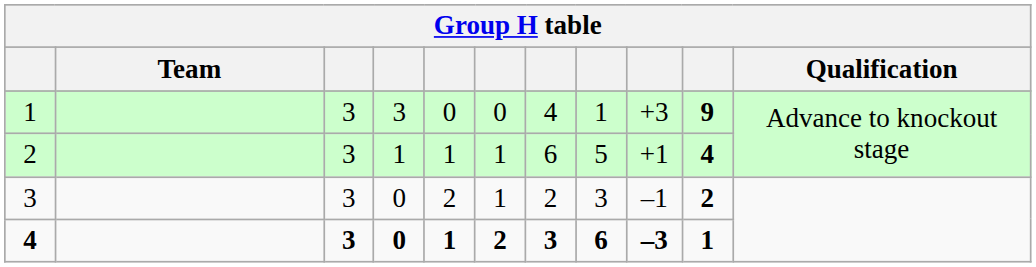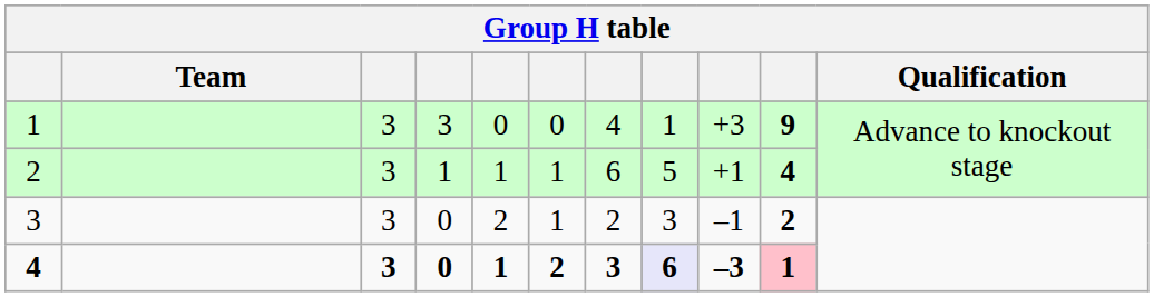 <table class="wikitable" style="text-align:center">
 <tr>
 <th colspan="11"><a href='#'>Group H</a> table</th>
 </tr>
 <tr>
 <th width="30"></th>
 <th width="210">Team</th>
 <th width="30"></th>
 <th width="30"></th>
 <th width="30"></th>
 <th width="30"></th>
 <th width="30"></th>
 <th width="30"></th>
 <th width="30"></th>
 <th width="30"></th>
 <th width="210">Qualification</th>
 </tr>
 <tr bgcolor="#ccffcc">
 <td>1</td>
 <td align="left"></td>
 <td>3</td>
 <td>3</td>
 <td>0</td>
 <td>0</td>
 <td>4</td>
 <td>1</td>
 <td>+3</td>
 <td><strong>9</strong></td>
 <td rowspan="2">Advance to knockout stage</td>
 </tr>
 <tr bgcolor="#ccffcc">
 <td>2</td>
 <td align="left"></td>
 <td>3</td>
 <td>1</td>
 <td>1</td>
 <td>1</td>
 <td>6</td>
 <td>5</td>
 <td>+1</td>
 <td><strong>4</strong></td>
 </tr>
 <tr>
 <td>3</td>
 <td align="left"></td>
 <td>3</td>
 <td>0</td>
 <td>2</td>
 <td>1</td>
 <td>2</td>
 <td>3</td>
 <td>–1</td>
 <td><strong>2</strong></td>
 <td rowspan="2"></td>
 </tr>
 <tr>
 <td><strong>4</strong></td>
 <td align="left"><strong></strong></td>
 <td><strong>3</strong></td>
 <td><strong>0</strong></td>
 <td><strong>1</strong></td>
 <td><strong>2</strong></td>
 <td><strong>3</strong></td>
-<td><strong>6</strong></td>
+<td style="background: lavender;"><strong>6</strong></td>
 <td><strong>–3</strong></td>
-<td><strong>1</strong></td>
+<td style="background: pink;"><strong>1</strong></td>
 </tr>
 </table>
